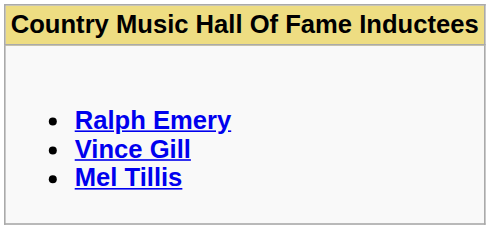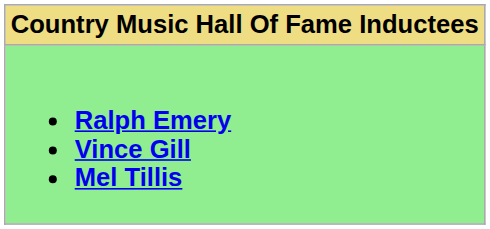 <table class="wikitable">
 <tr>
 <th style="background:#EEDD82; width=50%">Country Music Hall Of Fame Inductees</th>
 </tr>
 <tr>
-<td valign="top"><br><ul><li><strong><a href='#'>Ralph Emery</a></strong></li><li><strong><a href='#'>Vince Gill</a></strong></li><li><strong><a href='#'>Mel Tillis</a></strong></li></ul></td>
+<td valign="top" style="background: lightgreen;"><br><ul><li><strong><a href='#'>Ralph Emery</a></strong></li><li><strong><a href='#'>Vince Gill</a></strong></li><li><strong><a href='#'>Mel Tillis</a></strong></li></ul></td>
 </tr>
 </table>
